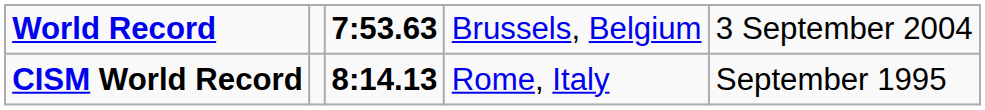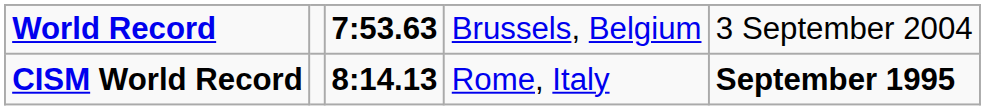 <table class="wikitable">
 <tr>
 <td><strong><a href='#'>World Record</a></strong></td>
 <td></td>
 <td><strong>7:53.63</strong></td>
 <td><a href='#'>Brussels</a>, <a href='#'>Belgium</a></td>
 <td>3 September 2004</td>
 </tr>
 <tr>
 <td><strong><a href='#'>CISM</a> World Record</strong></td>
 <td></td>
 <td><strong>8:14.13</strong></td>
 <td><a href='#'>Rome</a>, <a href='#'>Italy</a></td>
-<td>September 1995</td>
+<td><strong>September 1995</strong></td>
 </tr>
 </table>
